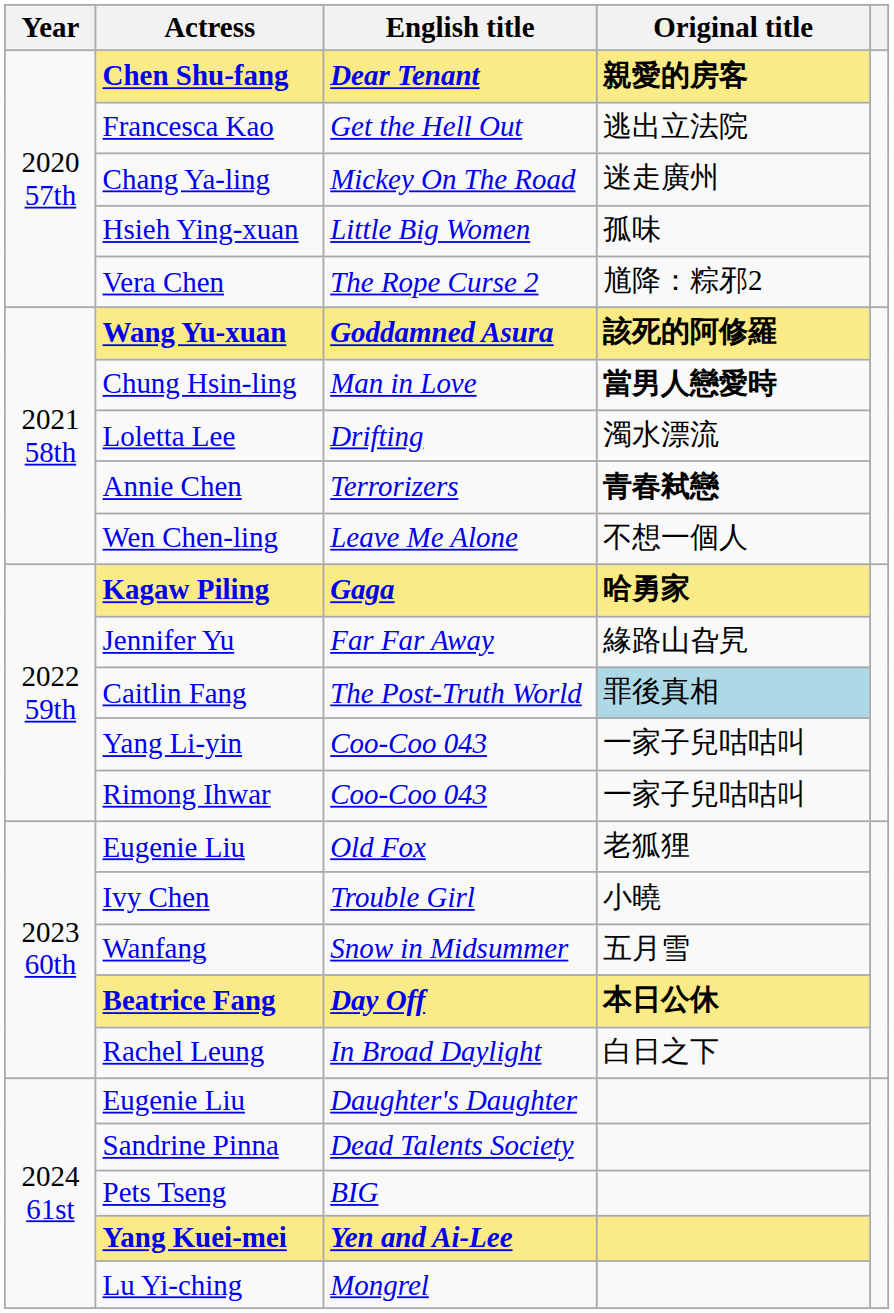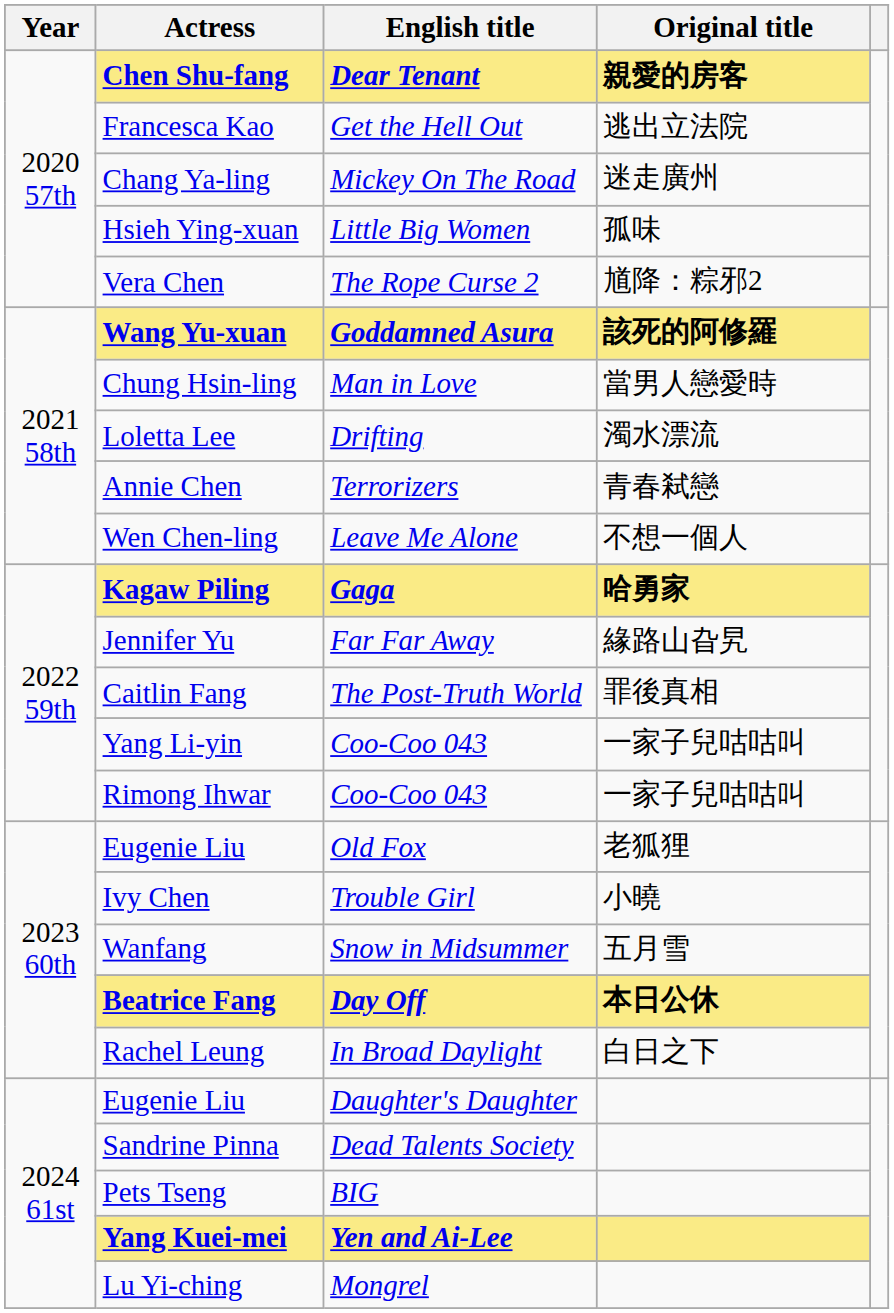 <table class="wikitable">
 <tr style="background:#bebebe;">
 <th style="width:10%;">Year</th>
 <th style="width:25%;">Actress</th>
 <th style="width:30%;">English title</th>
 <th style="width:30%;">Original title</th>
 <th style="width:2%;"></th>
 </tr>
 <tr>
 <td rowspan="5" style="text-align:center">2020<br><a href='#'>57th</a></td>
 <td style="background:#FAEB86"><strong><a href='#'>Chen Shu-fang</a></strong></td>
 <td style="background:#FAEB86"><strong><em><a href='#'>Dear Tenant</a></em></strong></td>
 <td style="background:#FAEB86"><strong>親愛的房客</strong></td>
 <td rowspan=5></td>
 </tr>
 <tr>
 <td><a href='#'>Francesca Kao</a></td>
 <td><em><a href='#'>Get the Hell Out</a></em></td>
 <td>逃出立法院</td>
 </tr>
 <tr>
 <td><a href='#'>Chang Ya-ling</a></td>
 <td><em><a href='#'>Mickey On The Road</a></em></td>
 <td>迷走廣州</td>
 </tr>
 <tr>
 <td><a href='#'>Hsieh Ying-xuan</a></td>
 <td><em><a href='#'>Little Big Women</a></em></td>
 <td>孤味</td>
 </tr>
 <tr>
 <td><a href='#'>Vera Chen</a></td>
 <td><em><a href='#'>The Rope Curse 2</a></em></td>
 <td>馗降：粽邪2</td>
 </tr>
 <tr>
 <td rowspan="5" style="text-align:center">2021<br><a href='#'>58th</a></td>
 <td style="background:#FAEB86"><strong><a href='#'>Wang Yu-xuan</a></strong></td>
 <td style="background:#FAEB86"><strong><em><a href='#'>Goddamned Asura</a></em></strong></td>
 <td style="background:#FAEB86"><strong>該死的阿修羅</strong></td>
 <td rowspan=5></td>
 </tr>
 <tr>
 <td><a href='#'>Chung Hsin-ling</a></td>
 <td><em><a href='#'>Man in Love</a></em></td>
-<td><strong>當男人戀愛時</strong></td>
+<td>當男人戀愛時</td>
 </tr>
 <tr>
 <td><a href='#'>Loletta Lee</a></td>
 <td><em><a href='#'>Drifting</a></em></td>
 <td>濁水漂流</td>
 </tr>
 <tr>
 <td><a href='#'>Annie Chen</a></td>
 <td><em><a href='#'>Terrorizers</a></em></td>
-<td><strong>青春弒戀</strong></td>
+<td>青春弒戀</td>
 </tr>
 <tr>
 <td><a href='#'>Wen Chen-ling</a></td>
 <td><em><a href='#'>Leave Me Alone</a></em></td>
 <td>不想一個人</td>
 </tr>
 <tr>
 <td rowspan="5" style="text-align:center">2022<br><a href='#'>59th</a></td>
 <td style="background:#FAEB86"><strong><a href='#'>Kagaw Piling</a></strong></td>
 <td style="background:#FAEB86"><strong><em><a href='#'>Gaga</a></em></strong></td>
 <td style="background:#FAEB86"><strong>哈勇家</strong></td>
 <td rowspan=5></td>
 </tr>
 <tr>
 <td><a href='#'>Jennifer Yu</a></td>
 <td><em><a href='#'>Far Far Away</a></em></td>
 <td>緣路山旮旯</td>
 </tr>
 <tr>
 <td><a href='#'>Caitlin Fang</a></td>
 <td><em><a href='#'>The Post-Truth World</a></em></td>
-<td style="background: lightblue;">罪後真相</td>
+<td>罪後真相</td>
 </tr>
 <tr>
 <td><a href='#'>Yang Li-yin</a></td>
 <td><em><a href='#'>Coo-Coo 043</a></em></td>
 <td>一家子兒咕咕叫</td>
 </tr>
 <tr>
 <td><a href='#'>Rimong Ihwar</a></td>
 <td><em><a href='#'>Coo-Coo 043</a></em></td>
 <td>一家子兒咕咕叫</td>
 </tr>
 <tr>
 <td rowspan="5" style="text-align:center">2023<br><a href='#'>60th</a></td>
 <td><a href='#'>Eugenie Liu</a></td>
 <td><em><a href='#'>Old Fox</a></em></td>
 <td>老狐狸</td>
 <td rowspan=5></td>
 </tr>
 <tr>
 <td><a href='#'>Ivy Chen</a></td>
 <td><em><a href='#'>Trouble Girl</a></em></td>
 <td>小曉</td>
 </tr>
 <tr>
 <td><a href='#'>Wanfang</a></td>
 <td><em><a href='#'>Snow in Midsummer</a></em></td>
 <td>五月雪</td>
 </tr>
 <tr style="background:#FAEB86">
 <td><strong><a href='#'>Beatrice Fang</a></strong></td>
 <td><strong><em><a href='#'>Day Off</a></em></strong></td>
 <td><strong>本日公休</strong></td>
 </tr>
 <tr>
 <td><a href='#'>Rachel Leung</a></td>
 <td><em><a href='#'>In Broad Daylight</a></em></td>
 <td>白日之下</td>
 </tr>
 <tr>
 <td rowspan="5" style="text-align:center">2024<br><a href='#'>61st</a></td>
 <td><a href='#'>Eugenie Liu</a></td>
 <td><em><a href='#'>Daughter's Daughter</a></em></td>
 <td></td>
 </tr>
 <tr>
 <td><a href='#'>Sandrine Pinna</a></td>
 <td><em><a href='#'>Dead Talents Society</a></em></td>
 <td></td>
 </tr>
 <tr>
 <td><a href='#'>Pets Tseng</a></td>
 <td><em><a href='#'>BIG</a></em></td>
 <td></td>
 </tr>
 <tr style="background:#FAEB86">
 <td><strong><a href='#'>Yang Kuei-mei</a></strong></td>
 <td><strong><em><a href='#'>Yen and Ai-Lee</a></em></strong></td>
 <td></td>
 </tr>
 <tr>
 <td><a href='#'>Lu Yi-ching</a></td>
 <td><em><a href='#'>Mongrel</a></em></td>
 <td></td>
 </tr>
 </table>
